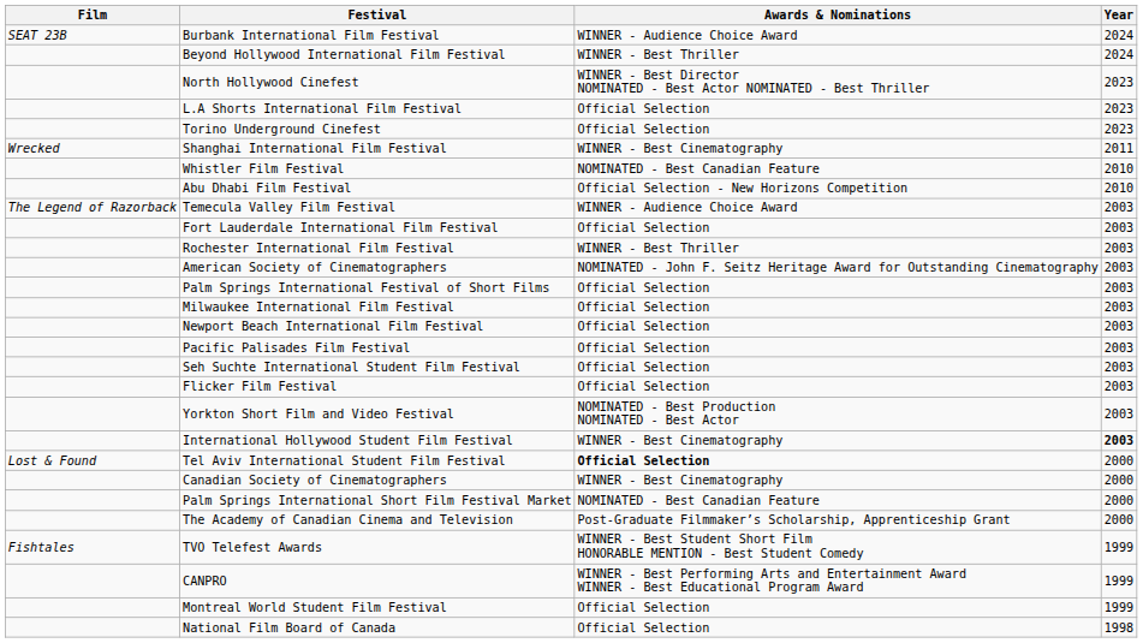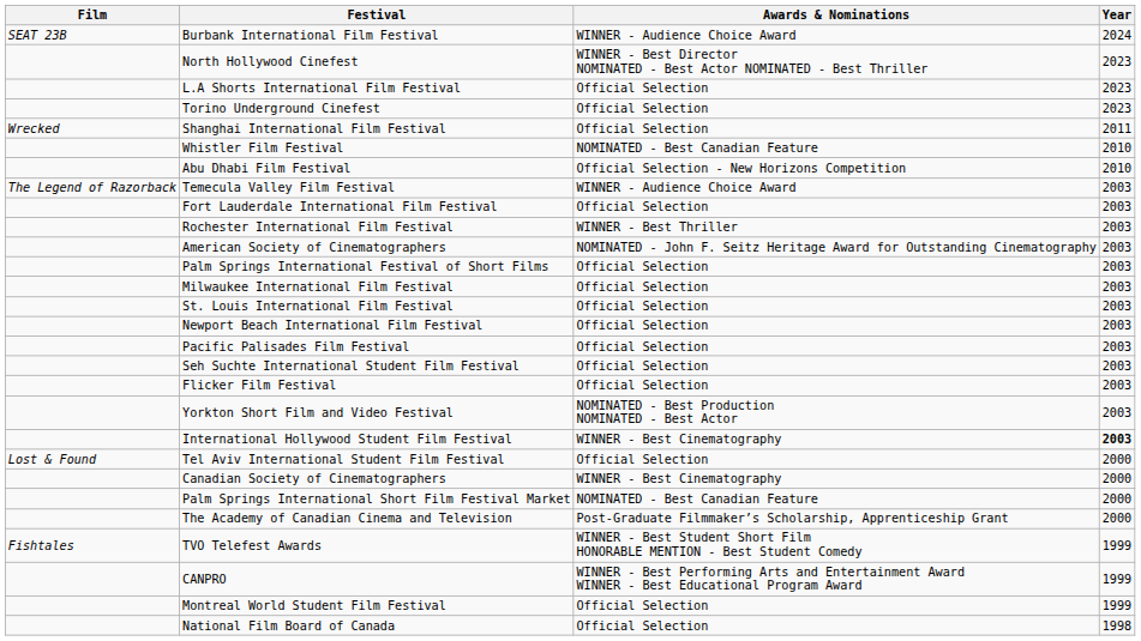 <table class="wikitable">
 <tr>
 <th>Film</th>
 <th>Festival</th>
 <th>Awards & Nominations</th>
 <th>Year</th>
 </tr>
 <tr>
 <td><em>SEAT 23B</em></td>
 <td>Burbank International Film Festival</td>
 <td>WINNER - Audience Choice Award</td>
-<td>2024</td>
-</tr>
-<tr>
-<td></td>
-<td>Beyond Hollywood International Film Festival</td>
-<td>WINNER - Best Thriller</td>
 <td>2024</td>
 </tr>
 <tr>
 <td></td>
 <td>North Hollywood Cinefest</td>
 <td>WINNER - Best Director<br>NOMINATED - Best Actor  NOMINATED - Best Thriller</td>
 <td>2023</td>
 </tr>
 <tr>
 <td></td>
 <td>L.A Shorts International Film Festival</td>
 <td>Official Selection</td>
 <td>2023</td>
 </tr>
 <tr>
 <td></td>
 <td>Torino Underground Cinefest</td>
 <td>Official Selection</td>
 <td>2023</td>
 </tr>
 <tr>
 <td><em>Wrecked</em></td>
 <td>Shanghai International Film Festival</td>
-<td>WINNER - Best Cinematography</td>
+<td>Official Selection</td>
 <td>2011</td>
 </tr>
 <tr>
 <td></td>
 <td>Whistler Film Festival</td>
 <td>NOMINATED - Best Canadian Feature</td>
 <td>2010</td>
 </tr>
 <tr>
 <td></td>
 <td>Abu Dhabi Film Festival</td>
 <td>Official Selection - New Horizons Competition</td>
 <td>2010</td>
 </tr>
 <tr>
 <td><em>The Legend of Razorback</em></td>
 <td>Temecula Valley Film Festival</td>
 <td>WINNER - Audience Choice Award</td>
 <td>2003</td>
 </tr>
 <tr>
 <td></td>
 <td>Fort Lauderdale International Film Festival</td>
 <td>Official Selection</td>
 <td>2003</td>
 </tr>
 <tr>
 <td></td>
 <td>Rochester International Film Festival</td>
 <td>WINNER - Best Thriller</td>
 <td>2003</td>
 </tr>
 <tr>
 <td></td>
 <td>American Society of Cinematographers</td>
 <td>NOMINATED - John F. Seitz Heritage Award for Outstanding Cinematography</td>
 <td>2003</td>
 </tr>
 <tr>
 <td></td>
 <td>Palm Springs International Festival of Short Films</td>
 <td>Official Selection</td>
 <td>2003</td>
 </tr>
 <tr>
 <td></td>
 <td>Milwaukee International Film Festival</td>
 <td>Official Selection</td>
 <td>2003</td>
 </tr>
 <tr>
 <td></td>
+<td>St. Louis International Film Festival</td>
+<td>Official Selection</td>
+<td>2003</td>
+</tr>
+<tr>
+<td></td>
 <td>Newport Beach International Film Festival</td>
 <td>Official Selection</td>
 <td>2003</td>
 </tr>
 <tr>
 <td></td>
 <td>Pacific Palisades Film Festival</td>
 <td>Official Selection</td>
 <td>2003</td>
 </tr>
 <tr>
 <td></td>
 <td>Seh Suchte International Student Film Festival</td>
 <td>Official Selection</td>
 <td>2003</td>
 </tr>
 <tr>
 <td></td>
 <td>Flicker Film Festival</td>
 <td>Official Selection</td>
 <td>2003</td>
 </tr>
 <tr>
 <td></td>
 <td>Yorkton Short Film and Video Festival</td>
 <td>NOMINATED - Best Production<br>NOMINATED - Best Actor</td>
 <td>2003</td>
 </tr>
 <tr>
 <td></td>
 <td>International Hollywood Student Film Festival</td>
 <td>WINNER - Best Cinematography</td>
 <td><strong>2003</strong></td>
 </tr>
 <tr>
 <td><em>Lost & Found</em></td>
 <td>Tel Aviv International Student Film Festival</td>
-<td><strong>Official Selection</strong></td>
+<td>Official Selection</td>
 <td>2000</td>
 </tr>
 <tr>
 <td></td>
 <td>Canadian Society of Cinematographers</td>
 <td>WINNER - Best Cinematography</td>
 <td>2000</td>
 </tr>
 <tr>
 <td></td>
 <td>Palm Springs International Short Film Festival Market</td>
 <td>NOMINATED - Best Canadian Feature</td>
 <td>2000</td>
 </tr>
 <tr>
 <td></td>
 <td>The Academy of Canadian Cinema and Television</td>
 <td>Post-Graduate Filmmaker’s Scholarship, Apprenticeship Grant</td>
 <td>2000</td>
 </tr>
 <tr>
 <td><em>Fishtales</em></td>
 <td>TVO Telefest Awards</td>
 <td>WINNER - Best Student Short Film<br>HONORABLE MENTION - Best Student Comedy</td>
 <td>1999</td>
 </tr>
 <tr>
 <td></td>
 <td>CANPRO</td>
 <td>WINNER - Best Performing Arts and Entertainment Award<br>WINNER - Best Educational Program Award</td>
 <td>1999</td>
 </tr>
 <tr>
 <td></td>
 <td>Montreal World Student Film Festival</td>
 <td>Official Selection</td>
 <td>1999</td>
 </tr>
 <tr>
 <td></td>
 <td>National Film Board of Canada</td>
 <td>Official Selection</td>
 <td>1998</td>
 </tr>
 </table>
